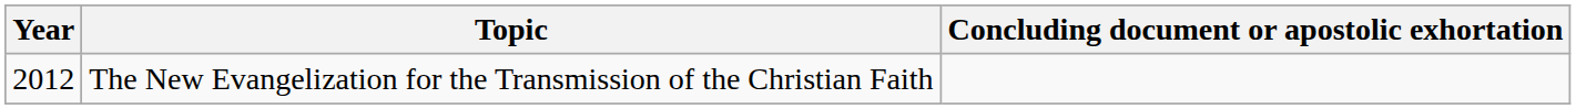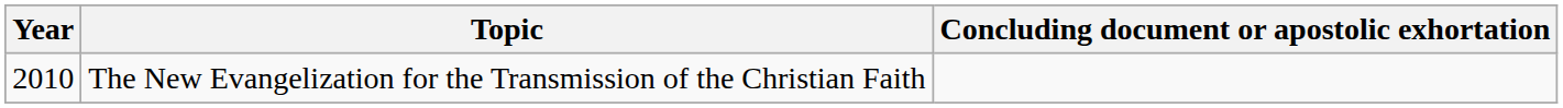 <table class=wikitable>
 <tr>
 <th>Year</th>
 <th>Topic</th>
 <th>Concluding document or apostolic exhortation</th>
 </tr>
 <tr>
-<td>2012</td>
+<td>2010</td>
 <td>The New Evangelization for the Transmission of the Christian Faith</td>
 <td></td>
 </tr>
 </table>
